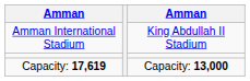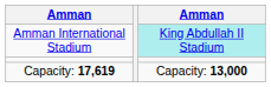 <table class="wikitable" style="margin:1em auto; text-align:center;">
 <tr>
 <th width=160><a href='#'>Amman</a></th>
 <th rowspan=4><br></th>
 <th width=160><a href='#'>Amman</a></th>
 </tr>
 <tr>
 <td><a href='#'>Amman International Stadium</a></td>
-<td><a href='#'>King Abdullah II Stadium</a></td>
+<td style="background: paleturquoise;"><a href='#'>King Abdullah II Stadium</a></td>
 </tr>
 <tr>
 <td></td>
 <td></td>
 </tr>
 <tr>
 <td>Capacity: <strong>17,619</strong></td>
 <td>Capacity: <strong>13,000</strong></td>
 </tr>
 </table>
